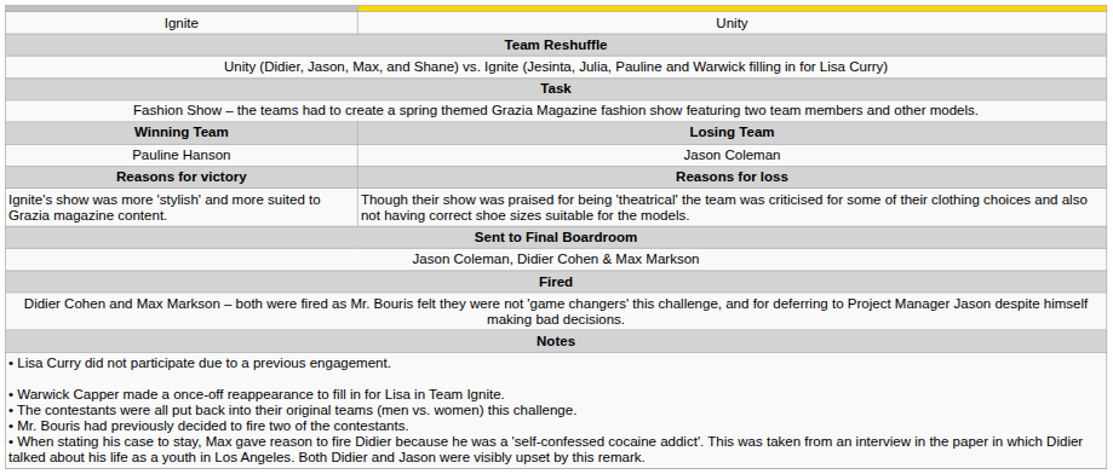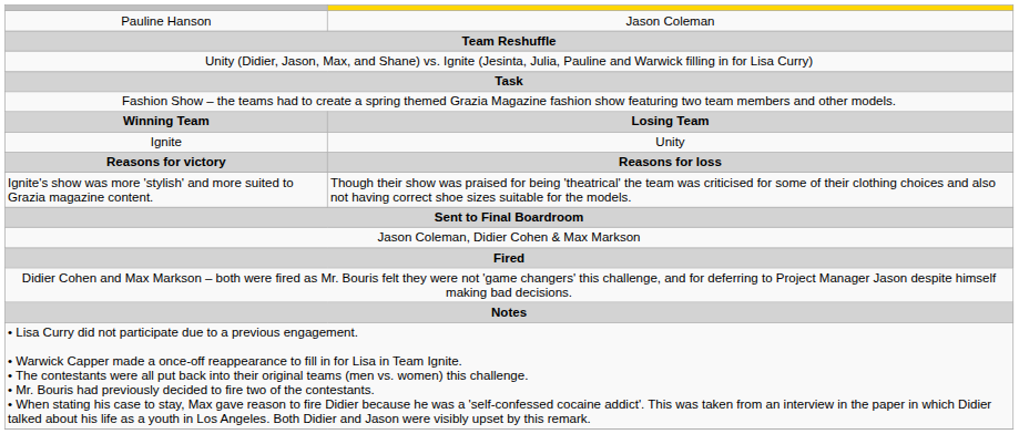 <table class="wikitable" style="text-align: center; width:100%">
 <tr>
 <th style="text-align:center; background:silver;"></th>
 <th style="text-align:center; background:gold;"></th>
 </tr>
 <tr>
-<td>Ignite</td>
-<td>Unity</td>
+<td>Pauline Hanson</td>
+<td>Jason Coleman</td>
 </tr>
 <tr>
 <th colspan="2" style="text-align:center; background:lightgrey;">Team Reshuffle</th>
 </tr>
 <tr>
 <td colspan="2">Unity (Didier, Jason, Max, and Shane) vs. Ignite (Jesinta, Julia, Pauline and Warwick filling in for Lisa Curry)</td>
 </tr>
 <tr>
 <th colspan="2" style="text-align:center; background:lightgrey;">Task</th>
 </tr>
 <tr>
 <td colspan="2">Fashion Show – the teams had to create a spring themed Grazia Magazine fashion show featuring two team members and other models.</td>
 </tr>
 <tr>
 <th style="text-align:center; background:lightgrey;">Winning Team</th>
 <th style="text-align:center; background:lightgrey;">Losing Team</th>
 </tr>
 <tr>
-<td>Pauline Hanson</td>
-<td>Jason Coleman</td>
+<td>Ignite</td>
+<td>Unity</td>
 </tr>
 <tr>
 <th style="text-align:center; background:lightgrey;">Reasons for victory</th>
 <th style="text-align:center; background:lightgrey;">Reasons for loss</th>
 </tr>
 <tr style="text-align: left;">
 <td>Ignite's show was more 'stylish' and more suited to Grazia magazine content.</td>
 <td>Though their show was praised for being 'theatrical' the team was criticised for some of their clothing choices and also not having correct shoe sizes suitable for the models.</td>
 </tr>
 <tr>
 <th colspan="2" style="text-align:center; background:lightgrey;">Sent to Final Boardroom</th>
 </tr>
 <tr>
 <td colspan="2">Jason Coleman, Didier Cohen & Max Markson</td>
 </tr>
 <tr>
 <th colspan="2" style="text-align:center; background:lightgrey;">Fired</th>
 </tr>
 <tr>
 <td colspan="2">Didier Cohen and Max Markson – both were fired as Mr. Bouris felt they were not 'game changers' this challenge, and for deferring to Project Manager Jason despite himself making bad decisions.</td>
 </tr>
 <tr>
 <th colspan="2" style="text-align:center; background:lightgrey;">Notes</th>
 </tr>
 <tr style="text-align: left;">
 <td colspan="2">• Lisa Curry did not participate due to a previous engagement.<br><br>• Warwick Capper made a once-off reappearance to fill in for Lisa in Team Ignite.<br> • The contestants were all put back into their original teams (men vs. women) this challenge.<br> • Mr. Bouris had previously decided to fire two of the contestants.<br> • When stating his case to stay, Max gave reason to fire Didier because he was a 'self-confessed cocaine addict'. This was taken from an interview in the paper in which Didier talked about his life as a youth in Los Angeles. Both Didier and Jason were visibly upset by this remark.</td>
 </tr>
 <tr>
 </tr>
 </table>
